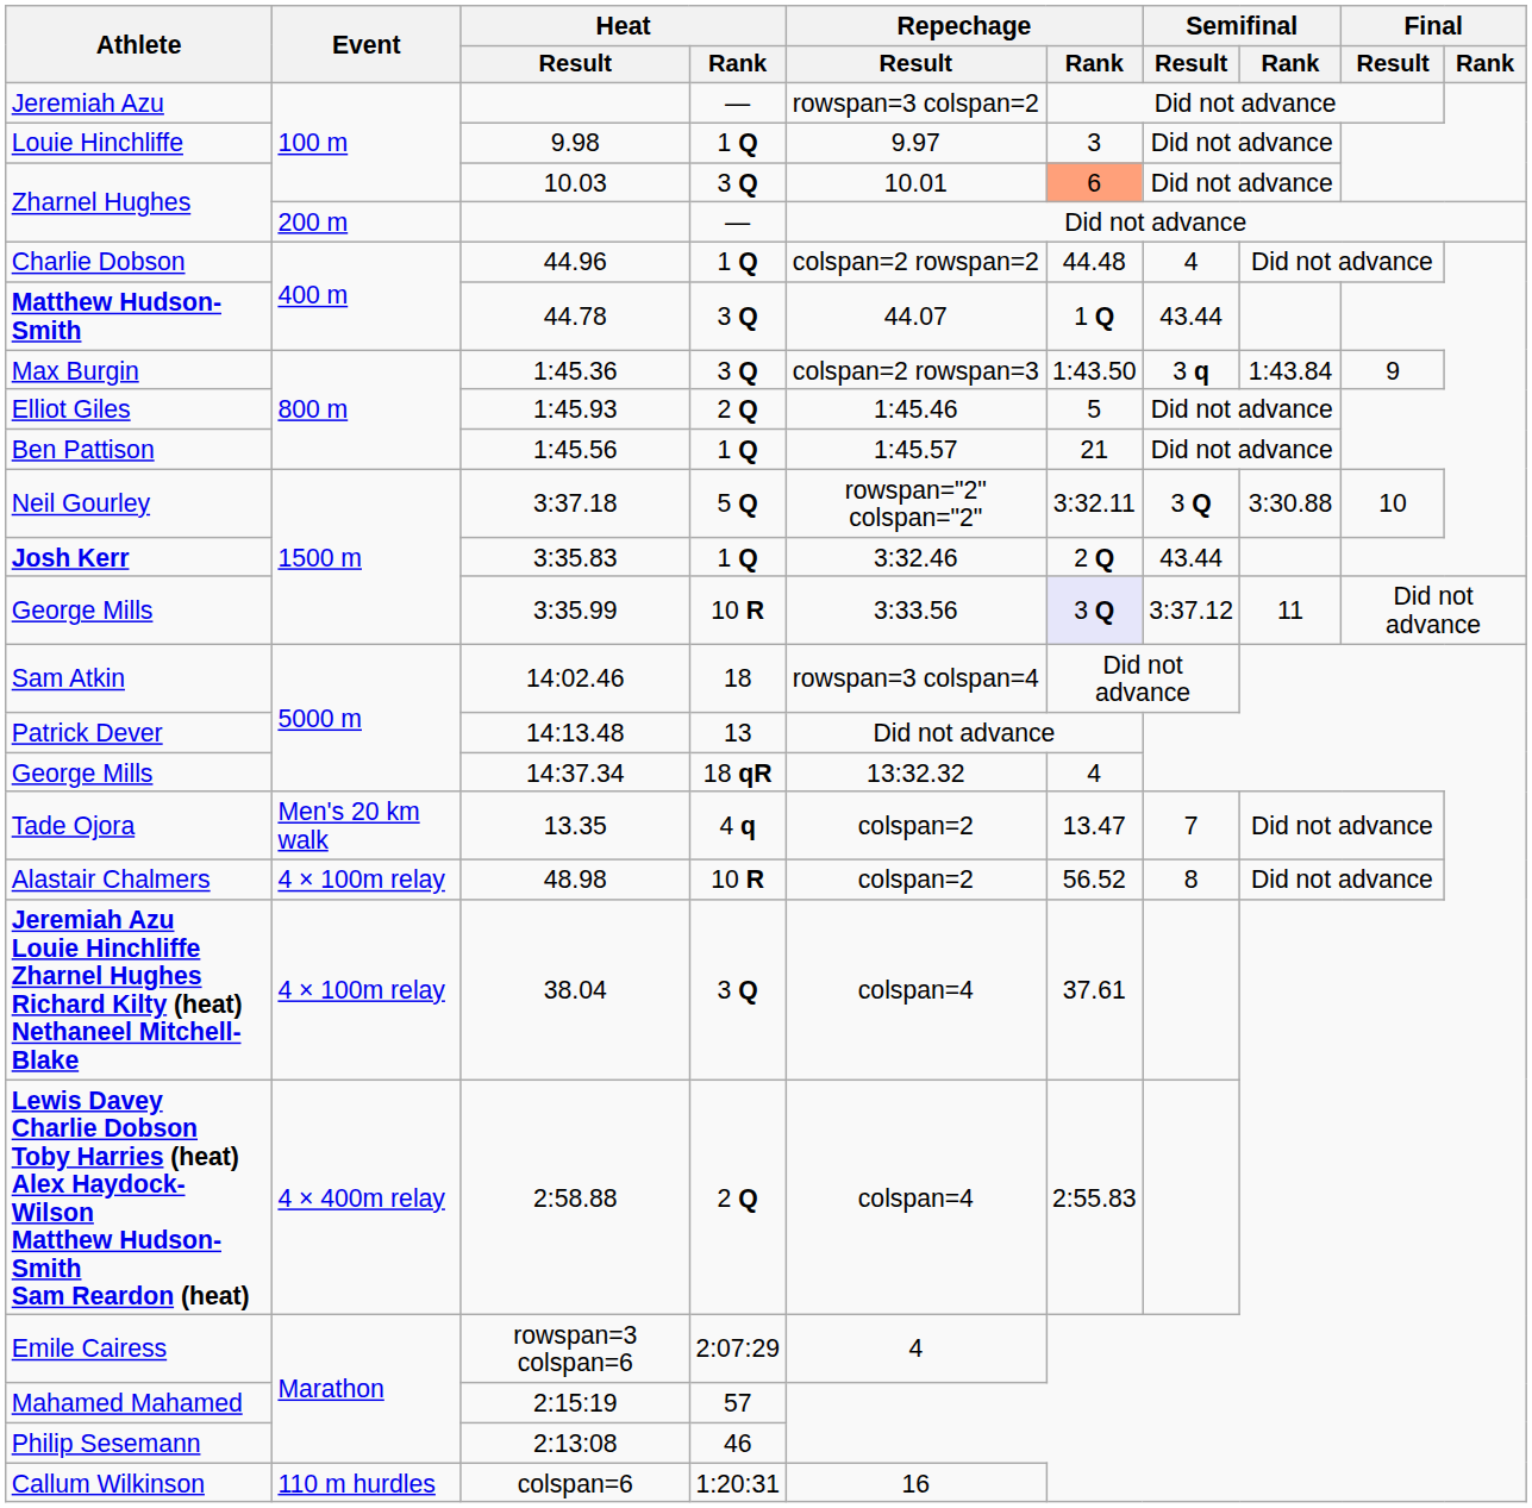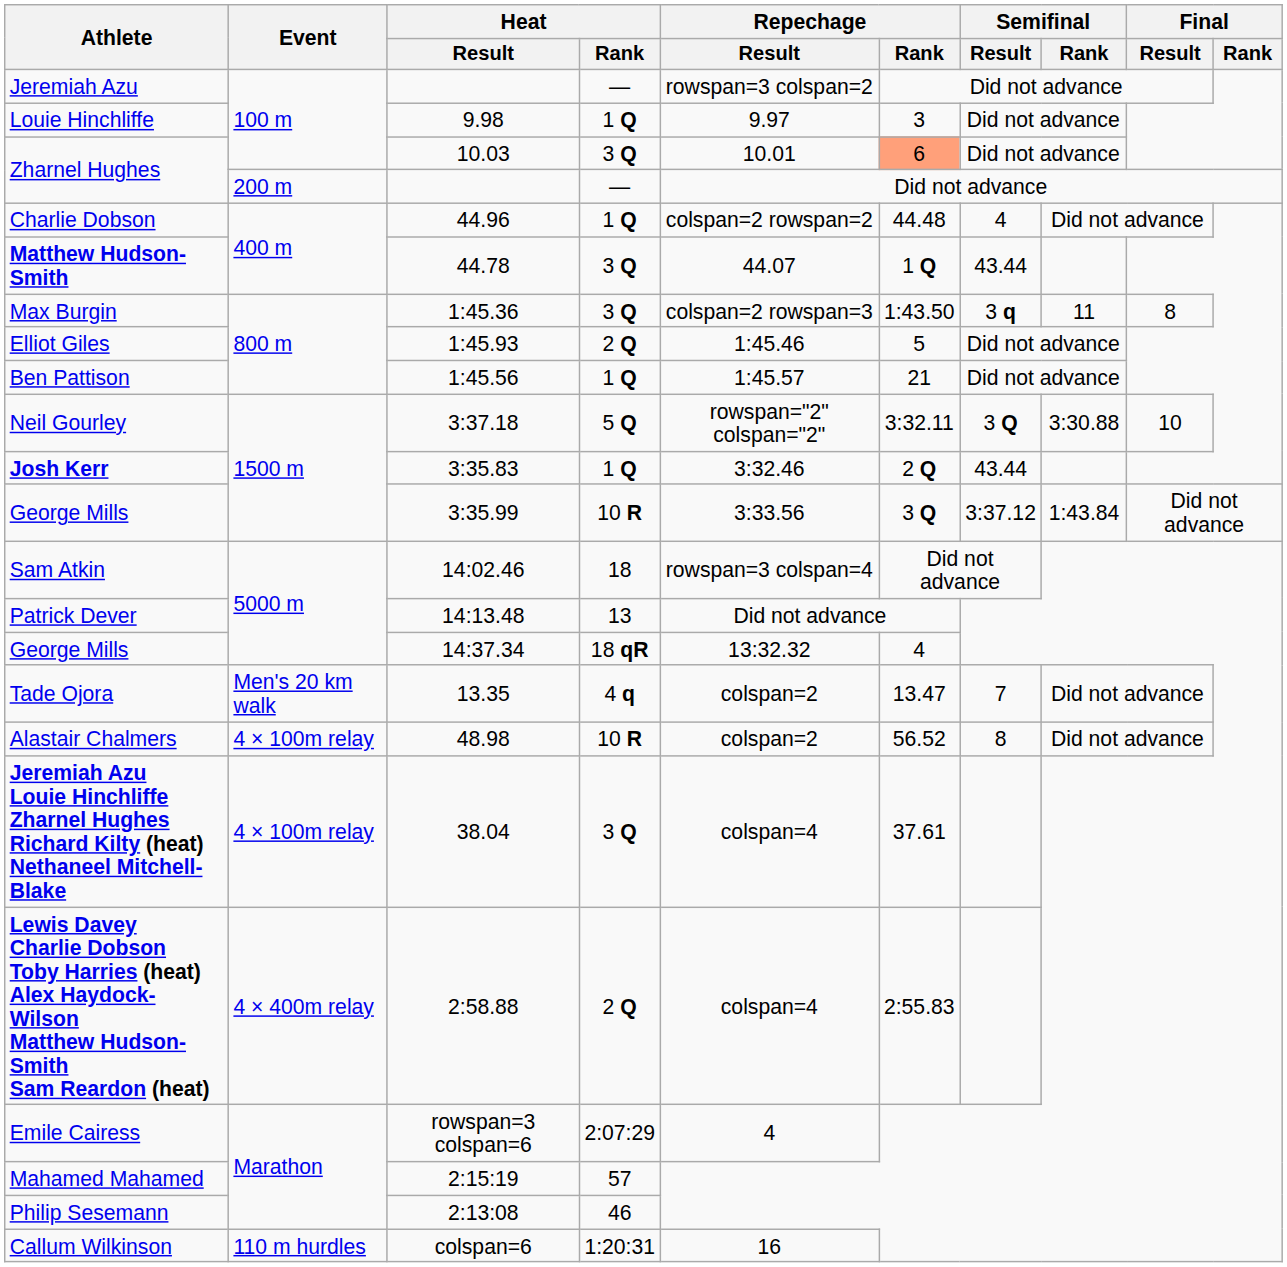 <table class="wikitable" style="font-size:90%">
 <tr>
 <th rowspan="2">Athlete</th>
 <th rowspan="2">Event</th>
 <th colspan="2">Heat</th>
 <th colspan="2">Repechage</th>
 <th colspan="2">Semifinal</th>
 <th colspan="2">Final</th>
 </tr>
 <tr style="font-size:95%">
 <th>Result</th>
 <th>Rank</th>
 <th>Result</th>
 <th>Rank</th>
 <th>Result</th>
 <th>Rank</th>
 <th>Result</th>
 <th>Rank</th>
 </tr>
 <tr align=center>
 <td align=left><a href='#'>Jeremiah Azu</a></td>
 <td rowspan="3" align="left"><a href='#'>100 m</a></td>
 <td></td>
 <td>—</td>
 <td>rowspan=3 colspan=2 </td>
 <td colspan=4>Did not advance</td>
 </tr>
 <tr align=center>
 <td align=left><a href='#'>Louie Hinchliffe</a></td>
 <td>9.98</td>
 <td>1 <strong>Q</strong></td>
 <td>9.97</td>
 <td>3</td>
 <td colspan=2>Did not advance</td>
 </tr>
 <tr align=center>
 <td align=left rowspan=2><a href='#'>Zharnel Hughes</a></td>
 <td>10.03</td>
 <td>3 <strong>Q</strong></td>
 <td>10.01</td>
 <td style="background: lightsalmon;">6</td>
 <td colspan=2>Did not advance</td>
 </tr>
 <tr align=center>
 <td align="left"><a href='#'>200 m</a></td>
 <td></td>
 <td>—</td>
 <td colspan=6>Did not advance</td>
 </tr>
 <tr align=center>
 <td align=left><a href='#'>Charlie Dobson</a></td>
 <td align=left rowspan=2><a href='#'>400 m</a></td>
 <td>44.96</td>
 <td>1 <strong>Q</strong></td>
 <td>colspan=2 rowspan=2 </td>
 <td>44.48</td>
 <td>4</td>
 <td colspan="2">Did not advance</td>
 </tr>
 <tr align=center>
 <td align=left><strong><a href='#'>Matthew Hudson-Smith</a></strong></td>
 <td>44.78</td>
 <td>3 <strong>Q</strong></td>
 <td>44.07</td>
 <td>1 <strong>Q</strong></td>
 <td>43.44 <strong></strong></td>
 <td></td>
 </tr>
 <tr align=center>
 <td align=left><a href='#'>Max Burgin</a></td>
 <td align=left rowspan=3><a href='#'>800 m</a></td>
 <td>1:45.36</td>
 <td>3 <strong>Q</strong></td>
 <td>colspan=2 rowspan=3 </td>
 <td>1:43.50</td>
 <td>3 <strong>q</strong></td>
-<td>1:43.84</td>
-<td>9</td>
+<td>11</td>
+<td>8</td>
 </tr>
 <tr align=center>
 <td align=left><a href='#'>Elliot Giles</a></td>
 <td>1:45.93</td>
 <td>2 <strong>Q</strong></td>
 <td>1:45.46</td>
 <td>5</td>
 <td colspan=2>Did not advance</td>
 </tr>
 <tr align=center>
 <td align=left><a href='#'>Ben Pattison</a></td>
 <td>1:45.56</td>
 <td>1 <strong>Q</strong></td>
 <td>1:45.57</td>
 <td>21</td>
 <td colspan=2>Did not advance</td>
 </tr>
 <tr align=center>
 <td align=left><a href='#'>Neil Gourley</a></td>
 <td align=left rowspan=3><a href='#'>1500 m</a></td>
 <td>3:37.18</td>
 <td>5 <strong>Q</strong></td>
 <td>rowspan="2" colspan="2" </td>
 <td>3:32.11</td>
 <td>3 <strong>Q</strong></td>
 <td>3:30.88</td>
 <td>10</td>
 </tr>
 <tr align=center>
 <td align=left><strong><a href='#'>Josh Kerr</a></strong></td>
 <td>3:35.83</td>
 <td>1 <strong>Q</strong></td>
 <td>3:32.46</td>
 <td>2 <strong>Q</strong></td>
 <td>43.44 <strong></strong></td>
 <td></td>
 </tr>
 <tr align=center>
 <td align=left><a href='#'>George Mills</a></td>
 <td>3:35.99</td>
 <td>10 <strong>R</strong></td>
 <td>3:33.56</td>
-<td style="background: lavender;">3 <strong>Q</strong></td>
+<td>3 <strong>Q</strong></td>
 <td>3:37.12</td>
-<td>11</td>
+<td>1:43.84</td>
 <td colspan=2>Did not advance</td>
 </tr>
 <tr align=center>
 <td align=left><a href='#'>Sam Atkin</a></td>
 <td align=left rowspan=3><a href='#'>5000 m</a></td>
 <td>14:02.46</td>
 <td>18</td>
 <td>rowspan=3 colspan=4 </td>
 <td colspan=2>Did not advance</td>
 </tr>
 <tr align="center">
 <td align="left"><a href='#'>Patrick Dever</a></td>
 <td>14:13.48</td>
 <td>13</td>
 <td colspan=2>Did not advance</td>
 </tr>
 <tr align="center">
 <td align="left"><a href='#'>George Mills</a></td>
 <td>14:37.34</td>
 <td>18 <strong>qR</strong></td>
 <td>13:32.32</td>
 <td>4</td>
 </tr>
 <tr align="center">
 <td align="left"><a href='#'>Tade Ojora</a></td>
 <td align=left><a href='#'>Men's 20 km walk</a></td>
 <td>13.35</td>
 <td>4 <strong>q</strong></td>
 <td>colspan=2 </td>
 <td>13.47</td>
 <td>7</td>
 <td colspan="2">Did not advance</td>
 </tr>
 <tr align=center>
 <td align=left><a href='#'>Alastair Chalmers</a></td>
 <td align="left"><a href='#'>4 × 100m relay</a></td>
 <td>48.98</td>
 <td>10 <strong>R</strong></td>
 <td>colspan=2 </td>
 <td>56.52</td>
 <td>8</td>
 <td colspan=2>Did not advance</td>
 </tr>
 <tr align="center">
 <td align="left"><strong><a href='#'>Jeremiah Azu</a><br><a href='#'>Louie Hinchliffe</a><br><a href='#'>Zharnel Hughes</a><br><a href='#'>Richard Kilty</a> (heat)<br><a href='#'>Nethaneel Mitchell-Blake</a></strong></td>
 <td align="left"><a href='#'>4 × 100m relay</a></td>
 <td>38.04</td>
 <td>3 <strong>Q</strong></td>
 <td>colspan=4 </td>
 <td>37.61</td>
 <td></td>
 </tr>
 <tr align=center>
 <td align=left><strong><a href='#'>Lewis Davey</a><br><a href='#'>Charlie Dobson</a><br><a href='#'>Toby Harries</a> (heat)<br><a href='#'>Alex Haydock-Wilson</a><br><a href='#'>Matthew Hudson-Smith</a><br><a href='#'>Sam Reardon</a> (heat)</strong></td>
 <td align=left><a href='#'>4 × 400m relay</a></td>
 <td>2:58.88</td>
 <td>2 <strong>Q</strong></td>
 <td>colspan=4 </td>
 <td>2:55.83 <strong></strong></td>
 <td></td>
 </tr>
 <tr align=center>
 <td align=left><a href='#'>Emile Cairess</a></td>
 <td align=left rowspan=3><a href='#'>Marathon</a></td>
 <td>rowspan=3 colspan=6 </td>
 <td>2:07:29</td>
 <td>4</td>
 </tr>
 <tr align=center>
 <td align=left><a href='#'>Mahamed Mahamed</a></td>
 <td>2:15:19</td>
 <td>57</td>
 </tr>
 <tr align=center>
 <td align=left><a href='#'>Philip Sesemann</a></td>
 <td>2:13:08</td>
 <td>46</td>
 </tr>
 <tr align=center>
 <td align=left><a href='#'>Callum Wilkinson</a></td>
 <td align="left"><a href='#'>110 m hurdles</a></td>
 <td>colspan=6 </td>
 <td>1:20:31</td>
 <td>16</td>
 </tr>
 </table>
